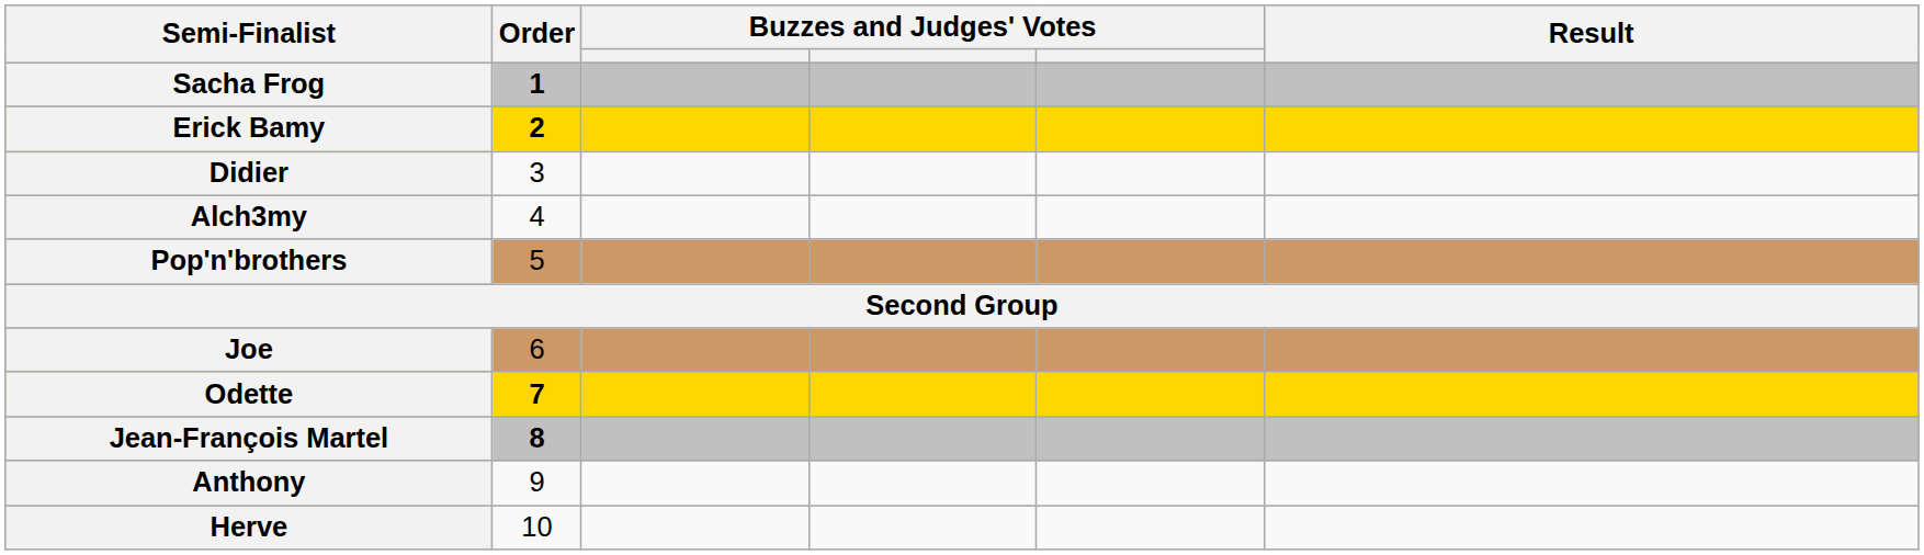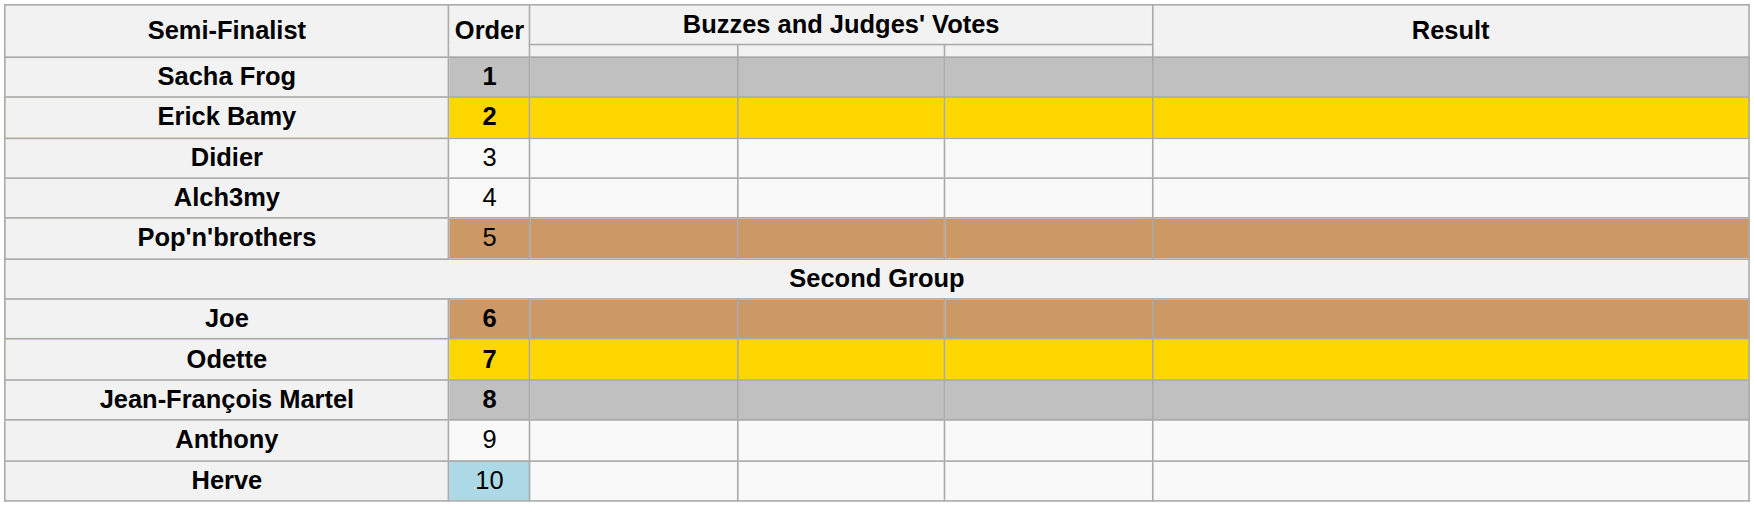 <table class="wikitable plainrowheaders sortable" style="text-align:center;">
 <tr>
 <th scope="col" rowspan=2 class="unsortable" style="width:17em;">Semi-Finalist</th>
 <th scope="col" rowspan=2 style="width:1em;">Order</th>
 <th scope="col" colspan=3 class="unsortable" style="width:24em;">Buzzes and Judges' Votes</th>
 <th scope="col" rowspan=2 style="width:23em;">Result</th>
 </tr>
 <tr>
 <th scope="col" class="unsortable" style="width:6em;"></th>
 <th scope="col" class="unsortable" style="width:6em;"></th>
 <th scope="col" class="unsortable" style="width:6em;"></th>
 </tr>
 <tr bgcolor=silver>
 <th scope="row"><strong>Sacha Frog</strong></th>
 <td><strong>1</strong></td>
 <td style="text-align:center;"></td>
 <td style="text-align:center;"></td>
 <td style="text-align:center;"></td>
 <td><strong></strong></td>
 </tr>
 <tr bgcolor=gold>
 <th scope="row"><strong>Erick Bamy</strong></th>
 <td><strong>2</strong></td>
 <td style="text-align:center;"></td>
 <td style="text-align:center;"></td>
 <td style="text-align:center;"></td>
 <td><strong></strong></td>
 </tr>
 <tr>
 <th scope="row">Didier</th>
 <td>3</td>
 <td style="text-align:center;"></td>
 <td style="text-align:center;"></td>
 <td style="text-align:center;"></td>
 <td></td>
 </tr>
 <tr>
 <th scope="row">Alch3my</th>
 <td>4</td>
 <td style="text-align:center;"></td>
 <td style="text-align:center;"></td>
 <td style="text-align:center;"></td>
 <td></td>
 </tr>
 <tr bgcolor=#c96>
 <th scope="row">Pop'n'brothers</th>
 <td>5</td>
 <td style="text-align:center;"></td>
 <td style="text-align:center;"></td>
 <td style="text-align:center;"></td>
 <td><strong></strong></td>
 </tr>
 <tr>
 <th colspan="6">Second Group</th>
 </tr>
 <tr bgcolor=#c96>
 <th scope="row">Joe</th>
-<td>6</td>
+<td><strong>6</strong></td>
 <td style="text-align:center;"></td>
 <td style="text-align:center;"></td>
 <td style="text-align:center;"></td>
 <td><strong></strong></td>
 </tr>
 <tr bgcolor=gold>
 <th scope="row"><strong>Odette</strong></th>
 <td><strong>7</strong></td>
 <td style="text-align:center;"></td>
 <td style="text-align:center;"></td>
 <td style="text-align:center;"></td>
 <td><strong></strong></td>
 </tr>
 <tr bgcolor=silver>
 <th scope="row"><strong>Jean-François Martel</strong></th>
 <td><strong>8</strong></td>
 <td style="text-align:center;"></td>
 <td style="text-align:center;"></td>
 <td style="text-align:center;"></td>
 <td><strong></strong></td>
 </tr>
 <tr>
 <th scope="row">Anthony</th>
 <td>9</td>
 <td style="text-align:center;"></td>
 <td style="text-align:center;"></td>
 <td style="text-align:center;"></td>
 <td></td>
 </tr>
 <tr>
 <th scope="row">Herve</th>
-<td>10</td>
+<td style="background: lightblue;">10</td>
 <td style="text-align:center;"></td>
 <td style="text-align:center;"></td>
 <td style="text-align:center;"></td>
 <td></td>
 </tr>
 </table>
